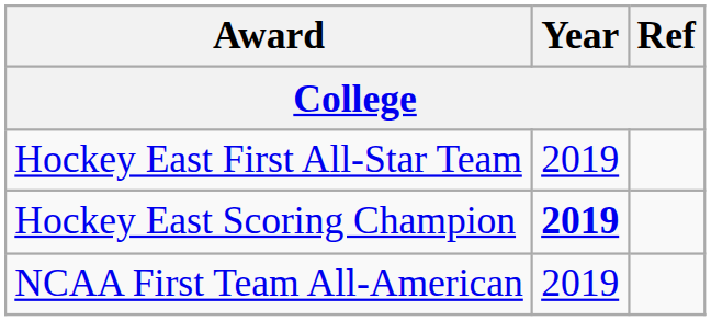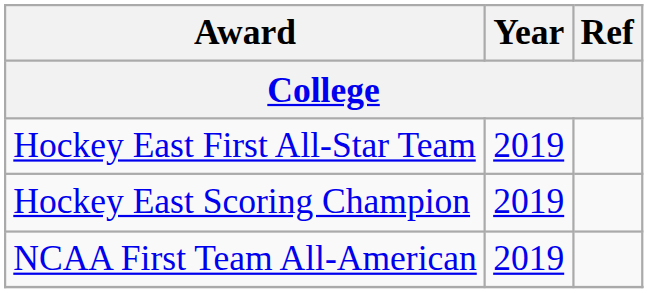 <table class="wikitable">
 <tr>
 <th>Award</th>
 <th>Year</th>
 <th>Ref</th>
 </tr>
 <tr>
 <th colspan="3"><a href='#'>College</a></th>
 </tr>
 <tr>
 <td><a href='#'>Hockey East First All-Star Team</a></td>
 <td><a href='#'>2019</a></td>
 <td></td>
 </tr>
 <tr>
 <td><a href='#'>Hockey East Scoring Champion</a></td>
-<td><strong><a href='#'>2019</a></strong></td>
+<td><a href='#'>2019</a></td>
 <td></td>
 </tr>
 <tr>
 <td><a href='#'>NCAA First Team All-American</a></td>
 <td><a href='#'>2019</a></td>
 <td></td>
 </tr>
 <tr>
 </tr>
 </table>
